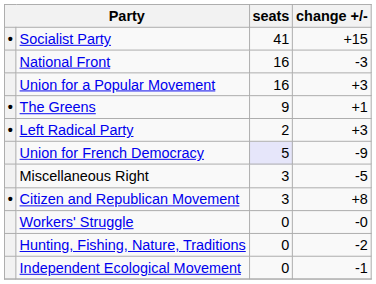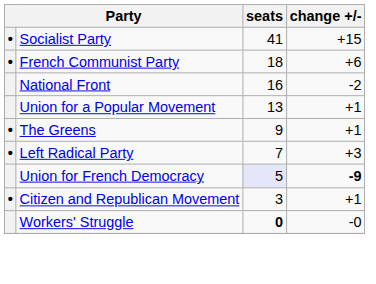 <table class="wikitable" style="font-size: 95%;">
 <tr>
 <th colspan=2>Party</th>
 <th>seats</th>
 <th>change +/-</th>
 </tr>
 <tr>
 <th style="background-color: "><span>•</span></th>
 <td><a href='#'>Socialist Party</a></td>
 <td align="right">41</td>
 <td align="right">+15</td>
 </tr>
 <tr>
+<th style="background-color: "><span>•</span></th>
+<td><a href='#'>French Communist Party</a></td>
+<td align="right">18</td>
+<td align="right">+6</td>
+</tr>
+<tr>
 <th style="background-color: "></th>
 <td><a href='#'>National Front</a></td>
 <td align="right">16</td>
-<td align="right">-3</td>
+<td align="right">-2</td>
 </tr>
 <tr>
 <th style="background-color: "></th>
 <td><a href='#'>Union for a Popular Movement</a></td>
-<td align="right">16</td>
-<td align="right">+3</td>
+<td align="right">13</td>
+<td align="right">+1</td>
 </tr>
 <tr>
 <th style="background-color: "><span>•</span></th>
 <td><a href='#'>The Greens</a></td>
 <td align="right">9</td>
 <td align="right">+1</td>
 </tr>
 <tr>
 <th style="background-color: "><span>•</span></th>
 <td><a href='#'>Left Radical Party</a></td>
-<td align="right">2</td>
+<td align="right">7</td>
 <td align="right">+3</td>
 </tr>
 <tr>
 <th style="background-color: "></th>
 <td><a href='#'>Union for French Democracy</a></td>
 <td align="right" style="background: lavender;">5</td>
-<td align="right">-9</td>
-</tr>
-<tr>
-<th style="background-color: "></th>
-<td>Miscellaneous Right</td>
-<td align="right">3</td>
-<td align="right">-5</td>
+<td align="right"><strong>-9</strong></td>
 </tr>
 <tr>
 <th style="background-color: "><span>•</span></th>
 <td><a href='#'>Citizen and Republican Movement</a></td>
 <td align="right">3</td>
-<td align="right">+8</td>
+<td align="right">+1</td>
 </tr>
 <tr>
 <th style="background-color: "></th>
 <td><a href='#'>Workers' Struggle</a></td>
-<td align="right">0</td>
+<td align="right"><strong>0</strong></td>
 <td align="right">-0</td>
-</tr>
-<tr>
-<th style="background-color: "></th>
-<td><a href='#'>Hunting, Fishing, Nature, Traditions</a></td>
-<td align="right">0</td>
-<td align="right">-2</td>
-</tr>
-<tr>
-<th style="background-color: "></th>
-<td><a href='#'>Independent Ecological Movement</a></td>
-<td align="right">0</td>
-<td align="right">-1</td>
 </tr>
 <tr>
 </tr>
 </table>
